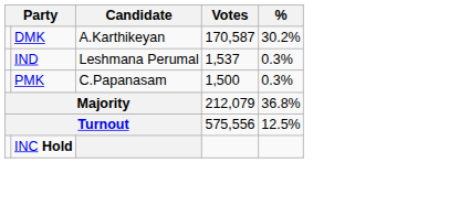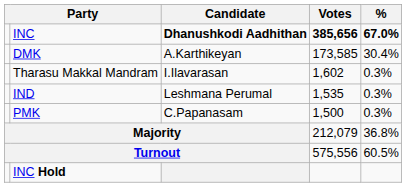 <table class="wikitable">
 <tr>
 <th colspan="2">Party</th>
 <th>Candidate</th>
 <th>Votes</th>
 <th>%</th>
 </tr>
 <tr>
 <td></td>
+<td><a href='#'>INC</a></td>
+<td><strong>Dhanushkodi Aadhithan</strong></td>
+<td><strong>385,656</strong></td>
+<td><strong>67.0%</strong></td>
+</tr>
+<tr>
+<td></td>
 <td><a href='#'>DMK</a></td>
 <td>A.Karthikeyan</td>
-<td>170,587</td>
-<td>30.2%</td>
+<td>173,585</td>
+<td>30.4%</td>
+</tr>
+<tr>
+<td></td>
+<td>Tharasu Makkal Mandram</td>
+<td>I.Ilavarasan</td>
+<td>1,602</td>
+<td>0.3%</td>
 </tr>
 <tr>
 <td></td>
 <td><a href='#'>IND</a></td>
 <td>Leshmana Perumal</td>
-<td>1,537</td>
+<td>1,535</td>
 <td>0.3%</td>
 </tr>
 <tr>
 <td></td>
 <td><a href='#'>PMK</a></td>
 <td>C.Papanasam</td>
 <td>1,500</td>
 <td>0.3%</td>
 </tr>
 <tr>
 <th colspan="3">Majority</th>
 <td>212,079</td>
 <td>36.8%</td>
 </tr>
 <tr>
 <th colspan="3"><a href='#'>Turnout</a></th>
 <td>575,556</td>
-<td>12.5%</td>
+<td>60.5%</td>
 </tr>
 <tr>
 <td></td>
 <td><a href='#'>INC</a> <strong>Hold</strong></td>
 <th></th>
 <td></td>
 </tr>
 </table>
